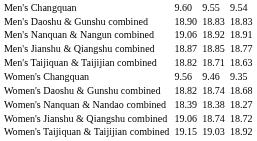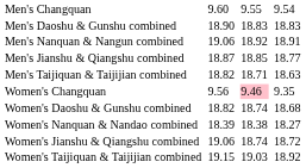 <table>
 <tr>
 <td>Men's Changquan</td>
 <td></td>
 <td>9.60</td>
 <td></td>
 <td>9.55</td>
 <td></td>
 <td>9.54</td>
 </tr>
 <tr>
 <td>Men's Daoshu & Gunshu combined</td>
 <td></td>
 <td>18.90</td>
 <td></td>
 <td>18.83</td>
 <td></td>
 <td>18.83</td>
 </tr>
 <tr>
 <td>Men's Nanquan & Nangun combined</td>
 <td></td>
 <td>19.06</td>
 <td></td>
 <td>18.92</td>
 <td></td>
 <td>18.91</td>
 </tr>
 <tr>
 <td>Men's Jianshu & Qiangshu combined</td>
 <td></td>
 <td>18.87</td>
 <td></td>
 <td>18.85</td>
 <td></td>
 <td>18.77</td>
 </tr>
 <tr>
 <td>Men's Taijiquan & Taijijian combined</td>
 <td></td>
 <td>18.82</td>
 <td></td>
 <td>18.71</td>
 <td></td>
 <td>18.63</td>
 </tr>
 <tr>
 <td>Women's Changquan</td>
 <td></td>
 <td>9.56</td>
 <td></td>
-<td>9.46</td>
+<td style="background: pink;">9.46</td>
 <td></td>
 <td>9.35</td>
 </tr>
 <tr>
 <td>Women's Daoshu & Gunshu combined</td>
 <td></td>
 <td>18.82</td>
 <td></td>
 <td>18.74</td>
 <td></td>
 <td>18.68</td>
 </tr>
 <tr>
 <td>Women's Nanquan & Nandao combined</td>
 <td></td>
 <td>18.39</td>
 <td></td>
 <td>18.38</td>
 <td></td>
 <td>18.27</td>
 </tr>
 <tr>
 <td>Women's Jianshu & Qiangshu combined</td>
 <td></td>
 <td>19.06</td>
 <td></td>
 <td>18.74</td>
 <td></td>
 <td>18.72</td>
 </tr>
 <tr>
 <td>Women's Taijiquan & Taijijian combined</td>
 <td></td>
 <td>19.15</td>
 <td></td>
 <td>19.03</td>
 <td></td>
 <td>18.92</td>
 </tr>
 </table>
